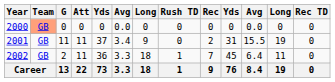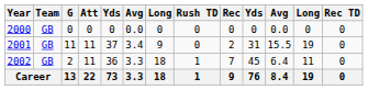 <table class="wikitable" style="text-align:center;">
 <tr>
 <th>Year</th>
 <th>Team</th>
 <th>G</th>
 <th>Att</th>
 <th>Yds</th>
 <th>Avg</th>
 <th>Long</th>
 <th>Rush TD</th>
 <th>Rec</th>
 <th>Yds</th>
 <th>Avg</th>
 <th>Long</th>
 <th>Rec TD</th>
 </tr>
 <tr>
 <td><a href='#'>2000</a></td>
-<td style="background: lightsalmon;"><a href='#'>GB</a></td>
+<td><a href='#'>GB</a></td>
 <td>0</td>
 <td>0</td>
 <td>0</td>
 <td>0.0</td>
 <td>0</td>
 <td>0</td>
 <td>0</td>
 <td>0</td>
 <td>0.0</td>
 <td>0</td>
 <td>0</td>
 </tr>
 <tr>
 <td><a href='#'>2001</a></td>
 <td><a href='#'>GB</a></td>
 <td>11</td>
 <td>11</td>
 <td>37</td>
 <td>3.4</td>
 <td>9</td>
 <td>0</td>
 <td>2</td>
 <td>31</td>
 <td>15.5</td>
 <td>19</td>
 <td>0</td>
 </tr>
 <tr>
 <td><a href='#'>2002</a></td>
 <td><a href='#'>GB</a></td>
 <td>2</td>
 <td>11</td>
 <td>36</td>
 <td>3.3</td>
 <td>18</td>
 <td>1</td>
 <td>7</td>
 <td>45</td>
 <td>6.4</td>
 <td>11</td>
 <td>0</td>
 </tr>
 <tr>
 <th colspan=2>Career</th>
 <th>13</th>
 <th>22</th>
 <th>73</th>
 <th>3.3</th>
 <th>18</th>
 <th>1</th>
 <th>9</th>
 <th>76</th>
 <th>8.4</th>
 <th>19</th>
 <th>0</th>
 </tr>
 </table>
